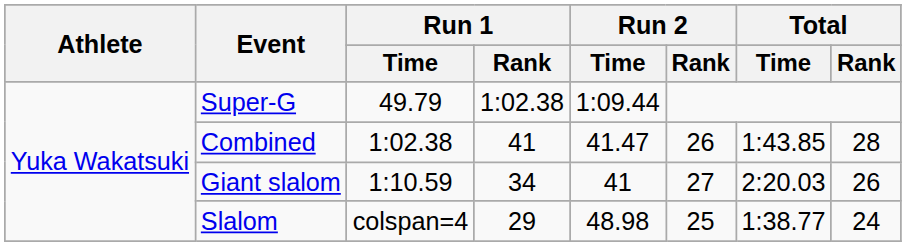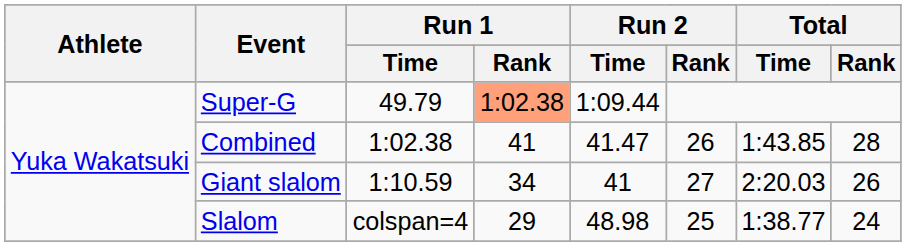 <table class="wikitable" style="font-size:90%">
 <tr>
 <th rowspan=2>Athlete</th>
 <th rowspan=2>Event</th>
 <th colspan=2>Run 1</th>
 <th colspan=2>Run 2</th>
 <th colspan=2>Total</th>
 </tr>
 <tr style="font-size:95%">
 <th>Time</th>
 <th>Rank</th>
 <th>Time</th>
 <th>Rank</th>
 <th>Time</th>
 <th>Rank</th>
 </tr>
 <tr align=center>
 <td align="left" rowspan="4"><a href='#'>Yuka Wakatsuki</a></td>
 <td align="left"><a href='#'>Super-G</a></td>
 <td>49.79</td>
-<td>1:02.38</td>
+<td style="background: lightsalmon;">1:02.38</td>
 <td>1:09.44</td>
 </tr>
 <tr align=center>
 <td align="left"><a href='#'>Combined</a></td>
 <td>1:02.38</td>
 <td>41</td>
 <td>41.47</td>
 <td>26</td>
 <td>1:43.85</td>
 <td>28</td>
 </tr>
 <tr align=center>
 <td align="left"><a href='#'>Giant slalom</a></td>
 <td>1:10.59</td>
 <td>34</td>
 <td>41</td>
 <td>27</td>
 <td>2:20.03</td>
 <td>26</td>
 </tr>
 <tr align=center>
 <td align="left"><a href='#'>Slalom</a></td>
 <td>colspan=4</td>
 <td>29</td>
 <td>48.98</td>
 <td>25</td>
 <td>1:38.77</td>
 <td>24</td>
 </tr>
 </table>
